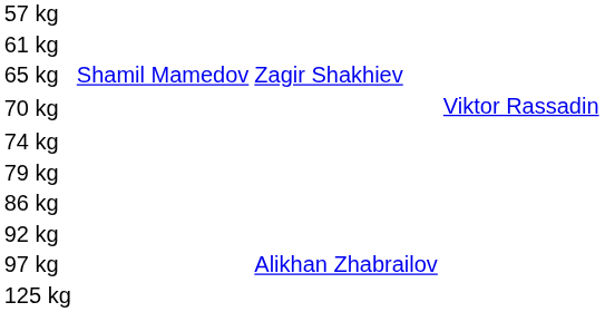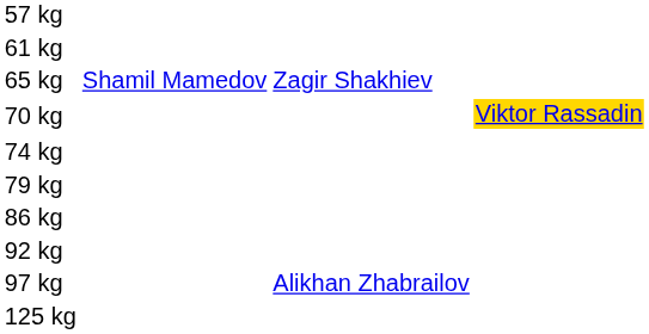 <table>
 <tr>
 <td rowspan=2>57 kg<br></td>
 <td rowspan=2></td>
 <td rowspan=2></td>
 <td></td>
 </tr>
 <tr>
 <td></td>
 </tr>
 <tr>
 <td rowspan=2>61 kg<br></td>
 <td rowspan=2></td>
 <td rowspan=2></td>
 <td></td>
 </tr>
 <tr>
 <td></td>
 </tr>
 <tr>
 <td rowspan=2>65 kg<br></td>
 <td rowspan=2><a href='#'>Shamil Mamedov</a><br></td>
 <td rowspan=2><a href='#'>Zagir Shakhiev</a><br></td>
 <td></td>
 </tr>
 <tr>
 <td></td>
 </tr>
 <tr>
 <td rowspan=2>70 kg<br></td>
 <td rowspan=2></td>
 <td rowspan=2></td>
-<td><a href='#'>Viktor Rassadin</a><br></td>
+<td style="background: gold;"><a href='#'>Viktor Rassadin</a><br></td>
 </tr>
 <tr>
 <td></td>
 </tr>
 <tr>
 <td rowspan=2>74 kg<br></td>
 <td rowspan=2></td>
 <td rowspan=2></td>
 <td></td>
 </tr>
 <tr>
 <td></td>
 </tr>
 <tr>
 <td rowspan=2>79 kg<br></td>
 <td rowspan=2></td>
 <td rowspan=2></td>
 <td></td>
 </tr>
 <tr>
 <td></td>
 </tr>
 <tr>
 <td rowspan=2>86 kg<br></td>
 <td rowspan=2></td>
 <td rowspan=2></td>
 <td></td>
 </tr>
 <tr>
 <td></td>
 </tr>
 <tr>
 <td rowspan=2>92 kg<br></td>
 <td rowspan=2></td>
 <td rowspan=2></td>
 <td></td>
 </tr>
 <tr>
 <td></td>
 </tr>
 <tr>
 <td rowspan=2>97 kg<br></td>
 <td rowspan=2></td>
 <td rowspan=2><a href='#'>Alikhan Zhabrailov</a><br></td>
 <td></td>
 </tr>
 <tr>
 <td></td>
 </tr>
 <tr>
 <td rowspan=2>125 kg<br></td>
 <td rowspan=2></td>
 <td rowspan=2></td>
 <td></td>
 </tr>
 <tr>
 <td></td>
 </tr>
 </table>
